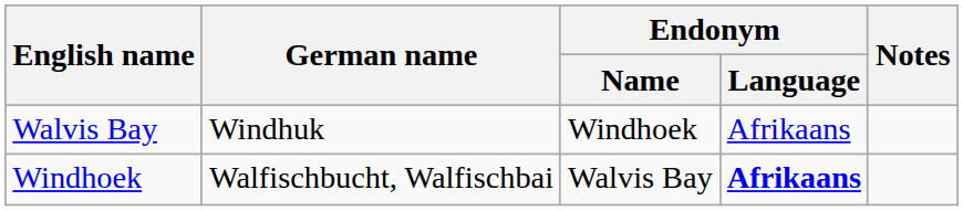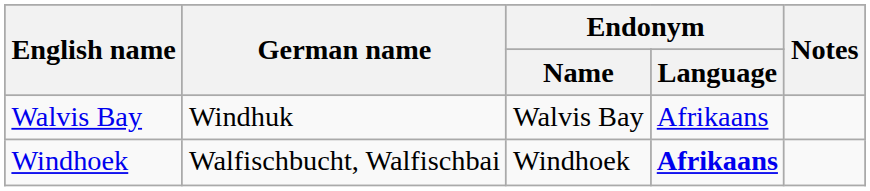 <table class="wikitable sortable mw-collapsible">
 <tr>
 <th rowspan="2">English name</th>
 <th rowspan="2">German name</th>
 <th colspan="2">Endonym</th>
 <th rowspan="2">Notes</th>
 </tr>
 <tr>
 <th>Name</th>
 <th>Language</th>
 </tr>
 <tr>
 <td><a href='#'>Walvis Bay</a></td>
 <td>Windhuk</td>
-<td>Windhoek</td>
+<td>Walvis Bay</td>
 <td><a href='#'>Afrikaans</a></td>
 <td></td>
 </tr>
 <tr>
 <td><a href='#'>Windhoek</a></td>
 <td>Walfischbucht, Walfischbai</td>
-<td>Walvis Bay</td>
+<td>Windhoek</td>
 <td><strong><a href='#'>Afrikaans</a></strong></td>
 <td></td>
 </tr>
 </table>
